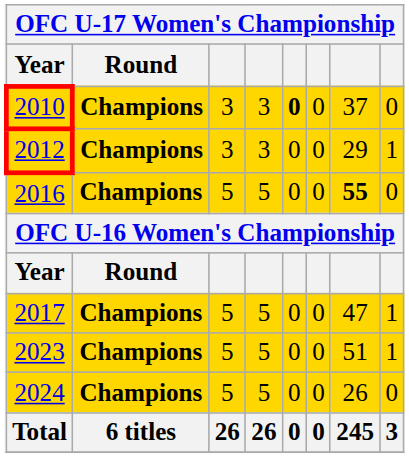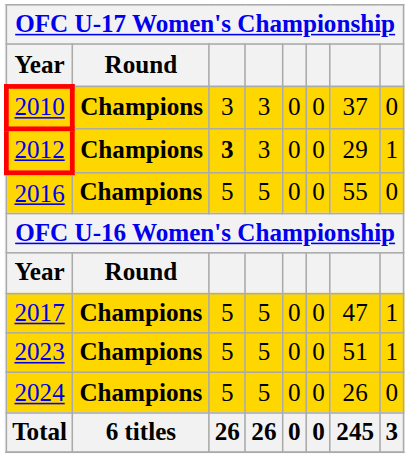 <table class="wikitable" style="text-align: center;">
 <tr>
 <th colspan=10><a href='#'>OFC U-17 Women's Championship</a></th>
 </tr>
 <tr>
 <th>Year</th>
 <th>Round</th>
 <th></th>
 <th></th>
 <th></th>
 <th></th>
 <th></th>
 <th></th>
 </tr>
 <tr bgcolor=gold>
 <td style="border: 3px solid red"> <a href='#'>2010</a></td>
 <td><strong>Champions</strong></td>
 <td>3</td>
 <td>3</td>
-<td><strong>0</strong></td>
+<td>0</td>
 <td>0</td>
 <td>37</td>
 <td>0</td>
 </tr>
 <tr bgcolor=gold>
 <td style="border: 3px solid red"> <a href='#'>2012</a></td>
 <td><strong>Champions</strong></td>
-<td>3</td>
+<td><strong>3</strong></td>
 <td>3</td>
 <td>0</td>
 <td>0</td>
 <td>29</td>
 <td>1</td>
 </tr>
 <tr bgcolor=gold>
 <td> <a href='#'>2016</a></td>
 <td><strong>Champions</strong></td>
 <td>5</td>
 <td>5</td>
 <td>0</td>
 <td>0</td>
-<td><strong>55</strong></td>
+<td>55</td>
 <td>0</td>
 </tr>
 <tr>
 <th colspan=10><a href='#'>OFC U-16 Women's Championship</a></th>
 </tr>
 <tr>
 <th>Year</th>
 <th>Round</th>
 <th></th>
 <th></th>
 <th></th>
 <th></th>
 <th></th>
 <th></th>
 </tr>
 <tr bgcolor=gold>
 <td> <a href='#'>2017</a></td>
 <td><strong>Champions</strong></td>
 <td>5</td>
 <td>5</td>
 <td>0</td>
 <td>0</td>
 <td>47</td>
 <td>1</td>
 </tr>
 <tr bgcolor=gold>
 <td> <a href='#'>2023</a></td>
 <td><strong>Champions</strong></td>
 <td>5</td>
 <td>5</td>
 <td>0</td>
 <td>0</td>
 <td>51</td>
 <td>1</td>
 </tr>
 <tr bgcolor=gold>
 <td> <a href='#'>2024</a></td>
 <td><strong>Champions</strong></td>
 <td>5</td>
 <td>5</td>
 <td>0</td>
 <td>0</td>
 <td>26</td>
 <td>0</td>
 </tr>
 <tr>
 <th>Total</th>
 <th>6 titles</th>
 <th>26</th>
 <th>26</th>
 <th>0</th>
 <th>0</th>
 <th>245</th>
 <th>3</th>
 </tr>
 <tr>
 </tr>
 </table>
